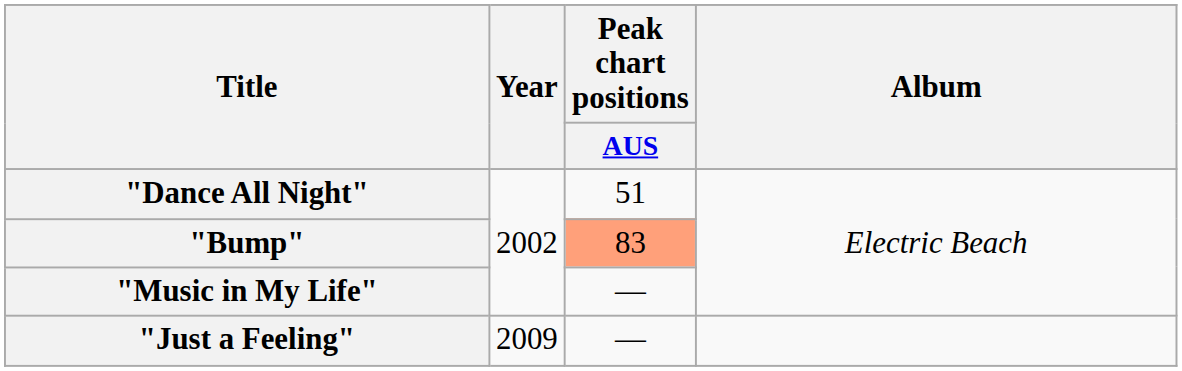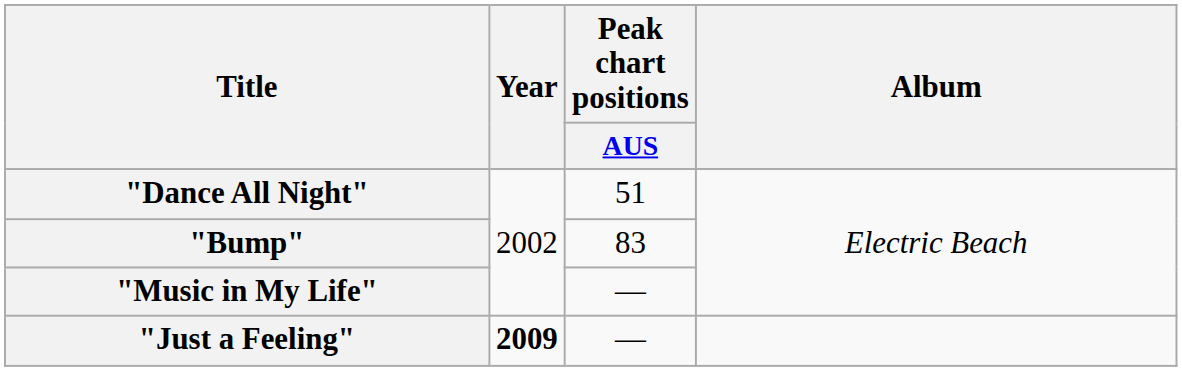 <table class="wikitable plainrowheaders" style="text-align:center;">
 <tr>
 <th scope="col" rowspan="2" style="width:18em;">Title</th>
 <th scope="col" rowspan="2" style="width:1em;">Year</th>
 <th scope="col" colspan="1">Peak chart positions</th>
 <th scope="col" rowspan="2" style="width:18em;">Album</th>
 </tr>
 <tr>
 <th scope="col" style="width:3em;font-size:90%;"><a href='#'>AUS</a><br></th>
 </tr>
 <tr>
 <th scope="row">"Dance All Night"</th>
 <td rowspan="3">2002</td>
 <td>51</td>
 <td rowspan="3"><em>Electric Beach</em></td>
 </tr>
 <tr>
 <th scope="row">"Bump"</th>
-<td style="background: lightsalmon;">83</td>
+<td>83</td>
 </tr>
 <tr>
 <th scope="row">"Music in My Life"</th>
 <td>—</td>
 </tr>
 <tr>
 <th scope="row">"Just a Feeling"<br></th>
-<td>2009</td>
+<td><strong>2009</strong></td>
 <td>—</td>
 <td></td>
 </tr>
 </table>
